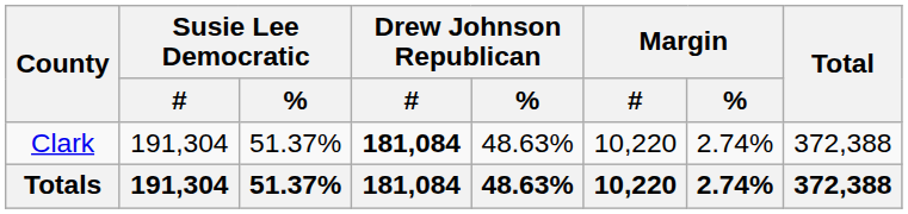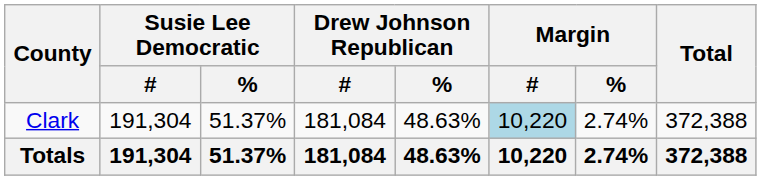 <table width="60%"  class="wikitable sortable" style="text-align:center">
 <tr>
 <th rowspan="2">County</th>
 <th style="text-align:center;" colspan="2">Susie Lee<br>Democratic</th>
 <th style="text-align:center;" colspan="2">Drew Johnson<br>Republican</th>
 <th style="text-align:center;" colspan="2">Margin</th>
 <th style="text-align:center;" rowspan="2">Total</th>
 </tr>
 <tr>
 <th style="text-align:center;" data-sort-type="number">#</th>
 <th style="text-align:center;" data-sort-type="number">%</th>
 <th style="text-align:center;" data-sort-type="number">#</th>
 <th style="text-align:center;" data-sort-type="number">%</th>
 <th style="text-align:center;" data-sort-type="number">#</th>
 <th style="text-align:center;" data-sort-type="number">%</th>
 </tr>
 <tr style="text-align:center;">
 <td><a href='#'>Clark</a></td>
 <td>191,304</td>
 <td>51.37%</td>
-<td><strong>181,084</strong></td>
+<td>181,084</td>
 <td>48.63%</td>
-<td>10,220</td>
+<td style="background: lightblue;">10,220</td>
 <td>2.74%</td>
 <td>372,388</td>
 </tr>
 <tr style="text-align:center;">
 <th>Totals</th>
 <th>191,304</th>
 <th>51.37%</th>
 <th>181,084</th>
 <th>48.63%</th>
 <th>10,220</th>
 <th>2.74%</th>
 <th>372,388</th>
 </tr>
 </table>
